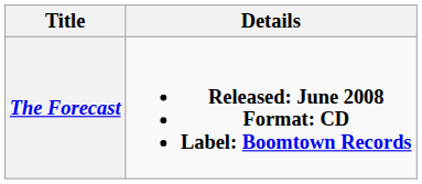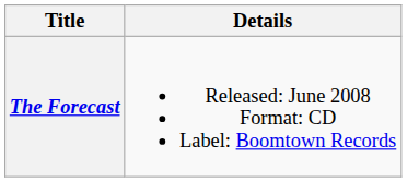 <table class="wikitable plainrowheaders" style="text-align:center;" border="1">
 <tr>
 <th>Title</th>
 <th>Details</th>
 </tr>
 <tr>
 <th scope="row"><em><a href='#'>The Forecast</a></em></th>
-<td><strong><br><ul><li>Released: June 2008</li><li>Format: CD</li><li>Label: <a href='#'>Boomtown Records</a></li></ul></strong></td>
+<td><br><ul><li>Released: June 2008</li><li>Format: CD</li><li>Label: <a href='#'>Boomtown Records</a></li></ul></td>
 </tr>
 </table>
